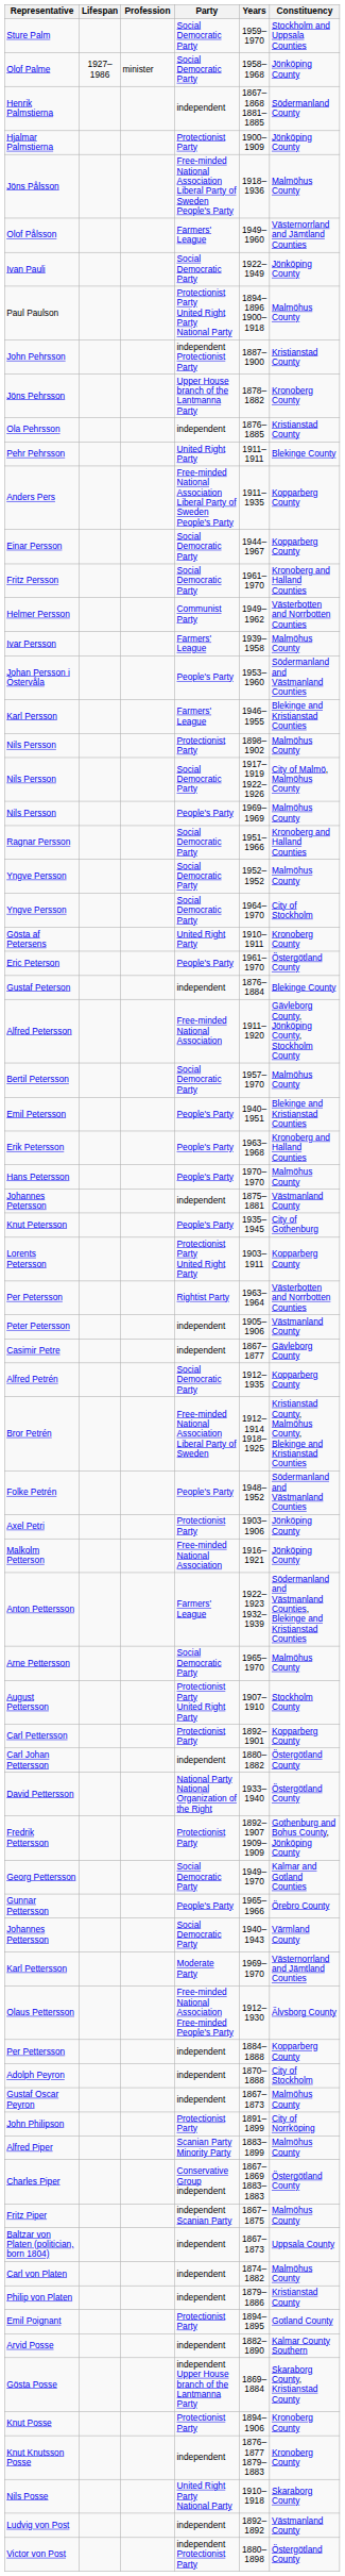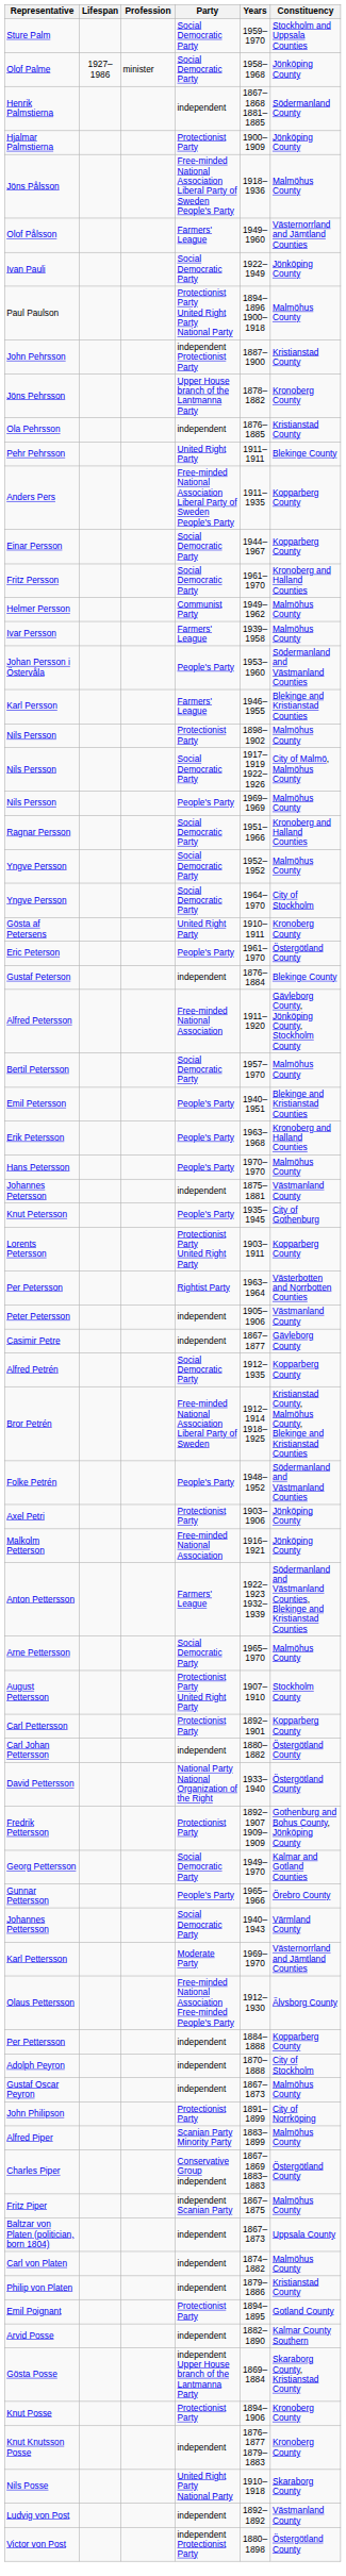 <table class="wikitable">
 <tr>
 <th style="width:15em">Representative</th>
 <th style="width:5em">Lifespan</th>
 <th style="width:10em">Profession</th>
 <th style="width:15em">Party</th>
 <th style="width:5em">Years</th>
 <th style="width:15em">Constituency</th>
 </tr>
 <tr>
 <td><a href='#'>Sture Palm</a></td>
 <td align=center></td>
 <td></td>
 <td> <a href='#'>Social Democratic Party</a></td>
 <td align=center>1959–1970</td>
 <td><a href='#'>Stockholm and Uppsala Counties</a></td>
 </tr>
 <tr>
 <td><a href='#'>Olof Palme</a></td>
 <td align=center>1927–1986</td>
 <td>minister</td>
 <td> <a href='#'>Social Democratic Party</a></td>
 <td align=center>1958–1968</td>
 <td><a href='#'>Jönköping County</a></td>
 </tr>
 <tr>
 <td><a href='#'>Henrik Palmstierna</a></td>
 <td align=center></td>
 <td></td>
 <td> independent</td>
 <td align=center>1867–1868<br>1881–1885</td>
 <td><a href='#'>Södermanland County</a></td>
 </tr>
 <tr>
 <td><a href='#'>Hjalmar Palmstierna</a></td>
 <td align=center></td>
 <td></td>
 <td> <a href='#'>Protectionist Party</a></td>
 <td align=center>1900–1909</td>
 <td><a href='#'>Jönköping County</a></td>
 </tr>
 <tr>
 <td><a href='#'>Jöns Pålsson</a></td>
 <td align=center></td>
 <td></td>
 <td> <a href='#'>Free-minded National Association</a><br> <a href='#'>Liberal Party of Sweden</a><br> <a href='#'>People's Party</a></td>
 <td align=center>1918–1936</td>
 <td><a href='#'>Malmöhus County</a></td>
 </tr>
 <tr>
 <td><a href='#'>Olof Pålsson</a></td>
 <td align=center></td>
 <td></td>
 <td> <a href='#'>Farmers' League</a></td>
 <td align=center>1949–1960</td>
 <td><a href='#'>Västernorrland and Jämtland Counties</a></td>
 </tr>
 <tr>
 <td><a href='#'>Ivan Pauli</a></td>
 <td align=center></td>
 <td></td>
 <td> <a href='#'>Social Democratic Party</a></td>
 <td align=center>1922–1949</td>
 <td><a href='#'>Jönköping County</a></td>
 </tr>
 <tr>
 <td>Paul Paulson</td>
 <td align=center></td>
 <td></td>
 <td> <a href='#'>Protectionist Party</a><br> <a href='#'>United Right Party</a><br> <a href='#'>National Party</a></td>
 <td align=center>1894–1896<br>1900–1918</td>
 <td><a href='#'>Malmöhus County</a></td>
 </tr>
 <tr>
 <td><a href='#'>John Pehrsson</a></td>
 <td align=center></td>
 <td></td>
 <td> independent<br> <a href='#'>Protectionist Party</a></td>
 <td align=center>1887–1900</td>
 <td><a href='#'>Kristianstad County</a></td>
 </tr>
 <tr>
 <td><a href='#'>Jöns Pehrsson</a></td>
 <td align=center></td>
 <td></td>
 <td> <a href='#'>Upper House branch of the Lantmanna Party</a></td>
 <td align=center>1878–1882</td>
 <td><a href='#'>Kronoberg County</a></td>
 </tr>
 <tr>
 <td><a href='#'>Ola Pehrsson</a></td>
 <td align=center></td>
 <td></td>
 <td> independent</td>
 <td align=center>1876–1885</td>
 <td><a href='#'>Kristianstad County</a></td>
 </tr>
 <tr>
 <td><a href='#'>Pehr Pehrsson</a></td>
 <td align=center></td>
 <td></td>
 <td> <a href='#'>United Right Party</a></td>
 <td align=center>1911–1911</td>
 <td><a href='#'>Blekinge County</a></td>
 </tr>
 <tr>
 <td><a href='#'>Anders Pers</a></td>
 <td align=center></td>
 <td></td>
 <td> <a href='#'>Free-minded National Association</a><br> <a href='#'>Liberal Party of Sweden</a><br> <a href='#'>People's Party</a></td>
 <td align=center>1911–1935</td>
 <td><a href='#'>Kopparberg County</a></td>
 </tr>
 <tr>
 <td><a href='#'>Einar Persson</a></td>
 <td align=center></td>
 <td></td>
 <td> <a href='#'>Social Democratic Party</a></td>
 <td align=center>1944–1967</td>
 <td><a href='#'>Kopparberg County</a></td>
 </tr>
 <tr>
 <td><a href='#'>Fritz Persson</a></td>
 <td align=center></td>
 <td></td>
 <td> <a href='#'>Social Democratic Party</a></td>
 <td align=center>1961–1970</td>
 <td><a href='#'>Kronoberg and Halland Counties</a></td>
 </tr>
 <tr>
 <td><a href='#'>Helmer Persson</a></td>
 <td align=center></td>
 <td></td>
 <td> <a href='#'>Communist Party</a></td>
 <td align=center>1949–1962</td>
-<td><a href='#'>Västerbotten and Norrbotten Counties</a></td>
+<td><a href='#'>Malmöhus County</a></td>
 </tr>
 <tr>
 <td><a href='#'>Ivar Persson</a></td>
 <td align=center></td>
 <td></td>
 <td> <a href='#'>Farmers' League</a></td>
 <td align=center>1939–1958</td>
 <td><a href='#'>Malmöhus County</a></td>
 </tr>
 <tr>
 <td><a href='#'>Johan Persson i Östervåla</a></td>
 <td align=center></td>
 <td></td>
 <td> <a href='#'>People's Party</a></td>
 <td align=center>1953–1960</td>
 <td><a href='#'>Södermanland and Västmanland Counties</a></td>
 </tr>
 <tr>
 <td><a href='#'>Karl Persson</a></td>
 <td align=center></td>
 <td></td>
 <td> <a href='#'>Farmers' League</a></td>
 <td align=center>1946–1955</td>
 <td><a href='#'>Blekinge and Kristianstad Counties</a></td>
 </tr>
 <tr>
 <td><a href='#'>Nils Persson</a></td>
 <td align=center></td>
 <td></td>
 <td> <a href='#'>Protectionist Party</a></td>
 <td align=center>1898–1902</td>
 <td><a href='#'>Malmöhus County</a></td>
 </tr>
 <tr>
 <td><a href='#'>Nils Persson</a></td>
 <td align=center></td>
 <td></td>
 <td> <a href='#'>Social Democratic Party</a></td>
 <td align=center>1917–1919<br>1922–1926</td>
 <td><a href='#'>City of Malmö</a>, <a href='#'>Malmöhus County</a></td>
 </tr>
 <tr>
 <td><a href='#'>Nils Persson</a></td>
 <td align=center></td>
 <td></td>
 <td> <a href='#'>People's Party</a></td>
 <td align=center>1969–1969</td>
 <td><a href='#'>Malmöhus County</a></td>
 </tr>
 <tr>
 <td><a href='#'>Ragnar Persson</a></td>
 <td align=center></td>
 <td></td>
 <td> <a href='#'>Social Democratic Party</a></td>
 <td align=center>1951–1966</td>
 <td><a href='#'>Kronoberg and Halland Counties</a></td>
 </tr>
 <tr>
 <td><a href='#'>Yngve Persson</a></td>
 <td align=center></td>
 <td></td>
 <td> <a href='#'>Social Democratic Party</a></td>
 <td align=center>1952–1952</td>
 <td><a href='#'>Malmöhus County</a></td>
 </tr>
 <tr>
 <td><a href='#'>Yngve Persson</a></td>
 <td align=center></td>
 <td></td>
 <td> <a href='#'>Social Democratic Party</a></td>
 <td align=center>1964–1970</td>
 <td><a href='#'>City of Stockholm</a></td>
 </tr>
 <tr>
 <td><a href='#'>Gösta af Petersens</a></td>
 <td align=center></td>
 <td></td>
 <td> <a href='#'>United Right Party</a></td>
 <td align=center>1910–1911</td>
 <td><a href='#'>Kronoberg County</a></td>
 </tr>
 <tr>
 <td><a href='#'>Eric Peterson</a></td>
 <td align=center></td>
 <td></td>
 <td> <a href='#'>People's Party</a></td>
 <td align=center>1961–1970</td>
 <td><a href='#'>Östergötland County</a></td>
 </tr>
 <tr>
 <td><a href='#'>Gustaf Peterson</a></td>
 <td align=center></td>
 <td></td>
 <td> independent</td>
 <td align=center>1876–1884</td>
 <td><a href='#'>Blekinge County</a></td>
 </tr>
 <tr>
 <td><a href='#'>Alfred Petersson</a></td>
 <td align=center></td>
 <td></td>
 <td> <a href='#'>Free-minded National Association</a></td>
 <td align=center>1911–1920</td>
 <td><a href='#'>Gävleborg County</a>, <a href='#'>Jönköping County</a>, <a href='#'>Stockholm County</a></td>
 </tr>
 <tr>
 <td><a href='#'>Bertil Petersson</a></td>
 <td align=center></td>
 <td></td>
 <td> <a href='#'>Social Democratic Party</a></td>
 <td align=center>1957–1970</td>
 <td><a href='#'>Malmöhus County</a></td>
 </tr>
 <tr>
 <td><a href='#'>Emil Petersson</a></td>
 <td align=center></td>
 <td></td>
 <td> <a href='#'>People's Party</a></td>
 <td align=center>1940–1951</td>
 <td><a href='#'>Blekinge and Kristianstad Counties</a></td>
 </tr>
 <tr>
 <td><a href='#'>Erik Petersson</a></td>
 <td align=center></td>
 <td></td>
 <td> <a href='#'>People's Party</a></td>
 <td align=center>1963–1968</td>
 <td><a href='#'>Kronoberg and Halland Counties</a></td>
 </tr>
 <tr>
 <td><a href='#'>Hans Petersson</a></td>
 <td align=center></td>
 <td></td>
 <td> <a href='#'>People's Party</a></td>
 <td align=center>1970–1970</td>
 <td><a href='#'>Malmöhus County</a></td>
 </tr>
 <tr>
 <td><a href='#'>Johannes Petersson</a></td>
 <td align=center></td>
 <td></td>
 <td> independent</td>
 <td align=center>1875–1881</td>
 <td><a href='#'>Västmanland County</a></td>
 </tr>
 <tr>
 <td><a href='#'>Knut Petersson</a></td>
 <td align=center></td>
 <td></td>
 <td> <a href='#'>People's Party</a></td>
 <td align=center>1935–1945</td>
 <td><a href='#'>City of Gothenburg</a></td>
 </tr>
 <tr>
 <td><a href='#'>Lorents Petersson</a></td>
 <td align=center></td>
 <td></td>
 <td> <a href='#'>Protectionist Party</a><br> <a href='#'>United Right Party</a></td>
 <td align=center>1903–1911</td>
 <td><a href='#'>Kopparberg County</a></td>
 </tr>
 <tr>
 <td><a href='#'>Per Petersson</a></td>
 <td align=center></td>
 <td></td>
 <td> <a href='#'>Rightist Party</a></td>
 <td align=center>1963–1964</td>
 <td><a href='#'>Västerbotten and Norrbotten Counties</a></td>
 </tr>
 <tr>
 <td><a href='#'>Peter Petersson</a></td>
 <td align=center></td>
 <td></td>
 <td> independent</td>
 <td align=center>1905–1906</td>
 <td><a href='#'>Västmanland County</a></td>
 </tr>
 <tr>
 <td><a href='#'>Casimir Petre</a></td>
 <td align=center></td>
 <td></td>
 <td> independent</td>
 <td align=center>1867–1877</td>
 <td><a href='#'>Gävleborg County</a></td>
 </tr>
 <tr>
 <td><a href='#'>Alfred Petrén</a></td>
 <td align=center></td>
 <td></td>
 <td> <a href='#'>Social Democratic Party</a></td>
 <td align=center>1912–1935</td>
 <td><a href='#'>Kopparberg County</a></td>
 </tr>
 <tr>
 <td><a href='#'>Bror Petrén</a></td>
 <td align=center></td>
 <td></td>
 <td> <a href='#'>Free-minded National Association</a><br> <a href='#'>Liberal Party of Sweden</a></td>
 <td align=center>1912–1914<br>1918–1925</td>
 <td><a href='#'>Kristianstad County</a>, <a href='#'>Malmöhus County</a>, <a href='#'>Blekinge and Kristianstad Counties</a></td>
 </tr>
 <tr>
 <td><a href='#'>Folke Petrén</a></td>
 <td align=center></td>
 <td></td>
 <td> <a href='#'>People's Party</a></td>
 <td align=center>1948–1952</td>
 <td><a href='#'>Södermanland and Västmanland Counties</a></td>
 </tr>
 <tr>
 <td><a href='#'>Axel Petri</a></td>
 <td align=center></td>
 <td></td>
 <td> <a href='#'>Protectionist Party</a></td>
 <td align=center>1903–1906</td>
 <td><a href='#'>Jönköping County</a></td>
 </tr>
 <tr>
 <td><a href='#'>Malkolm Petterson</a></td>
 <td align=center></td>
 <td></td>
 <td> <a href='#'>Free-minded National Association</a></td>
 <td align=center>1916–1921</td>
 <td><a href='#'>Jönköping County</a></td>
 </tr>
 <tr>
 <td><a href='#'>Anton Pettersson</a></td>
 <td align=center></td>
 <td></td>
 <td> <a href='#'>Farmers' League</a></td>
 <td align=center>1922–1923<br>1932–1939</td>
 <td><a href='#'>Södermanland and Västmanland Counties</a>, <a href='#'>Blekinge and Kristianstad Counties</a></td>
 </tr>
 <tr>
 <td><a href='#'>Arne Pettersson</a></td>
 <td align=center></td>
 <td></td>
 <td> <a href='#'>Social Democratic Party</a></td>
 <td align=center>1965–1970</td>
 <td><a href='#'>Malmöhus County</a></td>
 </tr>
 <tr>
 <td><a href='#'>August Pettersson</a></td>
 <td align=center></td>
 <td></td>
 <td> <a href='#'>Protectionist Party</a><br> <a href='#'>United Right Party</a></td>
 <td align=center>1907–1910</td>
 <td><a href='#'>Stockholm County</a></td>
 </tr>
 <tr>
 <td><a href='#'>Carl Pettersson</a></td>
 <td align=center></td>
 <td></td>
 <td> <a href='#'>Protectionist Party</a></td>
 <td align=center>1892–1901</td>
 <td><a href='#'>Kopparberg County</a></td>
 </tr>
 <tr>
 <td><a href='#'>Carl Johan Pettersson</a></td>
 <td align=center></td>
 <td></td>
 <td> independent</td>
 <td align=center>1880–1882</td>
 <td><a href='#'>Östergötland County</a></td>
 </tr>
 <tr>
 <td><a href='#'>David Pettersson</a></td>
 <td align=center></td>
 <td></td>
 <td> <a href='#'>National Party</a><br> <a href='#'>National Organization of the Right</a></td>
 <td align=center>1933–1940</td>
 <td><a href='#'>Östergötland County</a></td>
 </tr>
 <tr>
 <td><a href='#'>Fredrik Pettersson</a></td>
 <td align=center></td>
 <td></td>
 <td> <a href='#'>Protectionist Party</a></td>
 <td align=center>1892–1907<br>1909–1909</td>
 <td><a href='#'>Gothenburg and Bohus County</a>, <a href='#'>Jönköping County</a></td>
 </tr>
 <tr>
 <td><a href='#'>Georg Pettersson</a></td>
 <td align=center></td>
 <td></td>
 <td> <a href='#'>Social Democratic Party</a></td>
 <td align=center>1949–1970</td>
 <td><a href='#'>Kalmar and Gotland Counties</a></td>
 </tr>
 <tr>
 <td><a href='#'>Gunnar Pettersson</a></td>
 <td align=center></td>
 <td></td>
 <td> <a href='#'>People's Party</a></td>
 <td align=center>1965–1966</td>
 <td><a href='#'>Örebro County</a></td>
 </tr>
 <tr>
 <td><a href='#'>Johannes Pettersson</a></td>
 <td align=center></td>
 <td></td>
 <td> <a href='#'>Social Democratic Party</a></td>
 <td align=center>1940–1943</td>
 <td><a href='#'>Värmland County</a></td>
 </tr>
 <tr>
 <td><a href='#'>Karl Pettersson</a></td>
 <td align=center></td>
 <td></td>
 <td> <a href='#'>Moderate Party</a></td>
 <td align=center>1969–1970</td>
 <td><a href='#'>Västernorrland and Jämtland Counties</a></td>
 </tr>
 <tr>
 <td><a href='#'>Olaus Pettersson</a></td>
 <td align=center></td>
 <td></td>
 <td> <a href='#'>Free-minded National Association</a><br> <a href='#'>Free-minded People's Party</a></td>
 <td align=center>1912–1930</td>
 <td><a href='#'>Älvsborg County</a></td>
 </tr>
 <tr>
 <td><a href='#'>Per Pettersson</a></td>
 <td align=center></td>
 <td></td>
 <td> independent</td>
 <td align=center>1884–1888</td>
 <td><a href='#'>Kopparberg County</a></td>
 </tr>
 <tr>
 <td><a href='#'>Adolph Peyron</a></td>
 <td align=center></td>
 <td></td>
 <td> independent</td>
 <td align=center>1870–1888</td>
 <td><a href='#'>City of Stockholm</a></td>
 </tr>
 <tr>
 <td><a href='#'>Gustaf Oscar Peyron</a></td>
 <td align=center></td>
 <td></td>
 <td> independent</td>
 <td align=center>1867–1873</td>
 <td><a href='#'>Malmöhus County</a></td>
 </tr>
 <tr>
 <td><a href='#'>John Philipson</a></td>
 <td align=center></td>
 <td></td>
 <td> <a href='#'>Protectionist Party</a></td>
 <td align=center>1891–1899</td>
 <td><a href='#'>City of Norrköping</a></td>
 </tr>
 <tr>
 <td><a href='#'>Alfred Piper</a></td>
 <td align=center></td>
 <td></td>
 <td> <a href='#'>Scanian Party</a><br> <a href='#'>Minority Party</a></td>
 <td align=center>1883–1899</td>
 <td><a href='#'>Malmöhus County</a></td>
 </tr>
 <tr>
 <td><a href='#'>Charles Piper</a></td>
 <td align=center></td>
 <td></td>
 <td> <a href='#'>Conservative Group</a><br> independent</td>
 <td align=center>1867–1869<br>1883–1883</td>
 <td><a href='#'>Östergötland County</a></td>
 </tr>
 <tr>
 <td><a href='#'>Fritz Piper</a></td>
 <td align=center></td>
 <td></td>
 <td> independent<br> <a href='#'>Scanian Party</a></td>
 <td align=center>1867–1875</td>
 <td><a href='#'>Malmöhus County</a></td>
 </tr>
 <tr>
 <td><a href='#'>Baltzar von Platen (politician, born 1804)</a></td>
 <td align=center></td>
 <td></td>
 <td> independent</td>
 <td align=center>1867–1873</td>
 <td><a href='#'>Uppsala County</a></td>
 </tr>
 <tr>
 <td><a href='#'>Carl von Platen</a></td>
 <td align=center></td>
 <td></td>
 <td> independent</td>
 <td align=center>1874–1882</td>
 <td><a href='#'>Malmöhus County</a></td>
 </tr>
 <tr>
 <td><a href='#'>Philip von Platen</a></td>
 <td align=center></td>
 <td></td>
 <td> independent</td>
 <td align=center>1879–1886</td>
 <td><a href='#'>Kristianstad County</a></td>
 </tr>
 <tr>
 <td><a href='#'>Emil Poignant</a></td>
 <td align=center></td>
 <td></td>
 <td> <a href='#'>Protectionist Party</a></td>
 <td align=center>1894–1895</td>
 <td><a href='#'>Gotland County</a></td>
 </tr>
 <tr>
 <td><a href='#'>Arvid Posse</a></td>
 <td align=center></td>
 <td></td>
 <td> independent</td>
 <td align=center>1882–1890</td>
 <td><a href='#'>Kalmar County Southern</a></td>
 </tr>
 <tr>
 <td><a href='#'>Gösta Posse</a></td>
 <td align=center></td>
 <td></td>
 <td> independent<br> <a href='#'>Upper House branch of the Lantmanna Party</a></td>
 <td align=center>1869–1884</td>
 <td><a href='#'>Skaraborg County</a>, <a href='#'>Kristianstad County</a></td>
 </tr>
 <tr>
 <td><a href='#'>Knut Posse</a></td>
 <td align=center></td>
 <td></td>
 <td> <a href='#'>Protectionist Party</a></td>
 <td align=center>1894–1906</td>
 <td><a href='#'>Kronoberg County</a></td>
 </tr>
 <tr>
 <td><a href='#'>Knut Knutsson Posse</a></td>
 <td align=center></td>
 <td></td>
 <td> independent</td>
 <td align=center>1876–1877<br>1879–1883</td>
 <td><a href='#'>Kronoberg County</a></td>
 </tr>
 <tr>
 <td><a href='#'>Nils Posse</a></td>
 <td align=center></td>
 <td></td>
 <td> <a href='#'>United Right Party</a><br> <a href='#'>National Party</a></td>
 <td align=center>1910–1918</td>
 <td><a href='#'>Skaraborg County</a></td>
 </tr>
 <tr>
 <td><a href='#'>Ludvig von Post</a></td>
 <td align=center></td>
 <td></td>
 <td> independent</td>
 <td align=center>1892–1892</td>
 <td><a href='#'>Västmanland County</a></td>
 </tr>
 <tr>
 <td><a href='#'>Victor von Post</a></td>
 <td align=center></td>
 <td></td>
 <td> independent<br> <a href='#'>Protectionist Party</a></td>
 <td align=center>1880–1898</td>
 <td><a href='#'>Östergötland County</a></td>
 </tr>
 </table>
